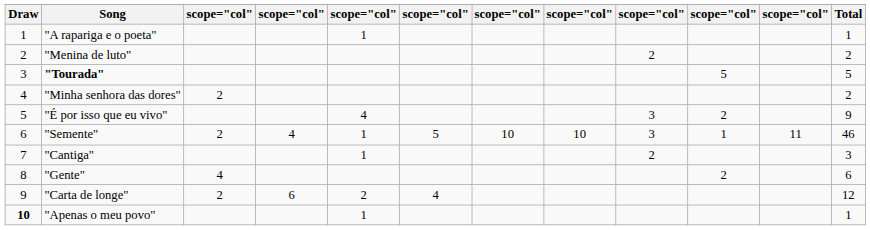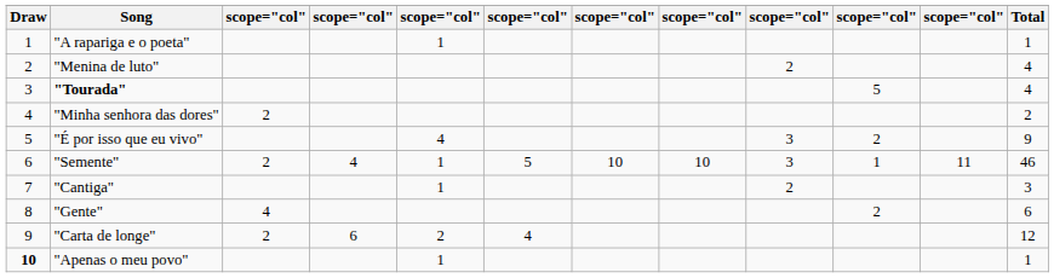 <table class="wikitable plainrowheaders" style="margin: 1em auto 1em auto; text-align:center;">
 <tr>
 </tr>
 <tr>
 <th scope="col">Draw</th>
 <th scope="col">Song</th>
 <th>scope="col" </th>
 <th>scope="col" </th>
 <th>scope="col" </th>
 <th>scope="col" </th>
 <th>scope="col" </th>
 <th>scope="col" </th>
 <th>scope="col" </th>
 <th>scope="col" </th>
 <th>scope="col" </th>
 <th scope="col">Total</th>
 </tr>
 <tr>
 <td>1</td>
 <td align="left">"A rapariga e o poeta"</td>
 <td></td>
 <td></td>
 <td>1</td>
 <td></td>
 <td></td>
 <td></td>
 <td></td>
 <td></td>
 <td></td>
 <td>1</td>
 </tr>
 <tr>
 <td>2</td>
 <td align="left">"Menina de luto"</td>
 <td></td>
 <td></td>
 <td></td>
 <td></td>
 <td></td>
 <td></td>
 <td>2</td>
 <td></td>
 <td></td>
-<td>2</td>
+<td>4</td>
 </tr>
 <tr>
 <td>3</td>
 <td align="left"><strong>"Tourada"</strong></td>
 <td></td>
 <td></td>
 <td></td>
 <td></td>
 <td></td>
 <td></td>
 <td></td>
 <td>5</td>
 <td></td>
-<td>5</td>
+<td>4</td>
 </tr>
 <tr>
 <td>4</td>
 <td align="left">"Minha senhora das dores"</td>
 <td>2</td>
 <td></td>
 <td></td>
 <td></td>
 <td></td>
 <td></td>
 <td></td>
 <td></td>
 <td></td>
 <td>2</td>
 </tr>
 <tr>
 <td>5</td>
 <td align="left">"É por isso que eu vivo"</td>
 <td></td>
 <td></td>
 <td>4</td>
 <td></td>
 <td></td>
 <td></td>
 <td>3</td>
 <td>2</td>
 <td></td>
 <td>9</td>
 </tr>
 <tr>
 <td>6</td>
 <td align="left">"Semente"</td>
 <td>2</td>
 <td>4</td>
 <td>1</td>
 <td>5</td>
 <td>10</td>
 <td>10</td>
 <td>3</td>
 <td>1</td>
 <td>11</td>
 <td>46</td>
 </tr>
 <tr>
 <td>7</td>
 <td align="left">"Cantiga"</td>
 <td></td>
 <td></td>
 <td>1</td>
 <td></td>
 <td></td>
 <td></td>
 <td>2</td>
 <td></td>
 <td></td>
 <td>3</td>
 </tr>
 <tr>
 <td>8</td>
 <td align="left">"Gente"</td>
 <td>4</td>
 <td></td>
 <td></td>
 <td></td>
 <td></td>
 <td></td>
 <td></td>
 <td>2</td>
 <td></td>
 <td>6</td>
 </tr>
 <tr>
 <td>9</td>
 <td align="left">"Carta de longe"</td>
 <td>2</td>
 <td>6</td>
 <td>2</td>
 <td>4</td>
 <td></td>
 <td></td>
 <td></td>
 <td></td>
 <td></td>
 <td>12</td>
 </tr>
 <tr>
 <td><strong>10</strong></td>
 <td align="left">"Apenas o meu povo"</td>
 <td></td>
 <td></td>
 <td>1</td>
 <td></td>
 <td></td>
 <td></td>
 <td></td>
 <td></td>
 <td></td>
 <td>1</td>
 </tr>
 </table>
